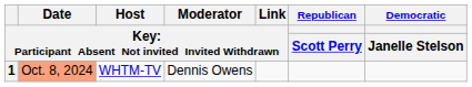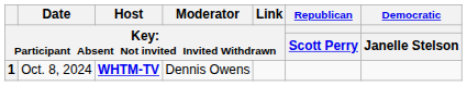 <table class="wikitable" style="text-align:center;">
 <tr>
 <th scope="col"></th>
 <th scope="col">Date</th>
 <th scope="col">Host</th>
 <th scope="col">Moderator</th>
 <th scope="col">Link</th>
 <th scope="col"><small><a href='#'>Republican</a></small></th>
 <th scope="col"><small><a href='#'>Democratic</a></small></th>
 </tr>
 <tr>
 <th colspan="5" rowspan="2">Key:<br> <small>Participant </small>  <small>Absent </small>  <small>Not invited </small>  <small>Invited  Withdrawn</small></th>
 <th scope="col" style="background:"></th>
 <th scope="col" style="background:"></th>
 </tr>
 <tr>
 <th scope="col"><a href='#'>Scott Perry</a></th>
 <th scope="col">Janelle Stelson</th>
 </tr>
 <tr>
 <th>1</th>
-<td style="background: lightsalmon; white-space:nowrap;">Oct. 8, 2024</td>
-<td style="white-space:nowrap;"><a href='#'>WHTM-TV</a></td>
+<td style="white-space:nowrap;">Oct. 8, 2024</td>
+<td style="white-space:nowrap;"><strong><a href='#'>WHTM-TV</a></strong></td>
 <td style="white-space:nowrap;">Dennis Owens</td>
 <td style="white-space:nowrap;"></td>
 <td></td>
 <td></td>
 </tr>
 </table>
